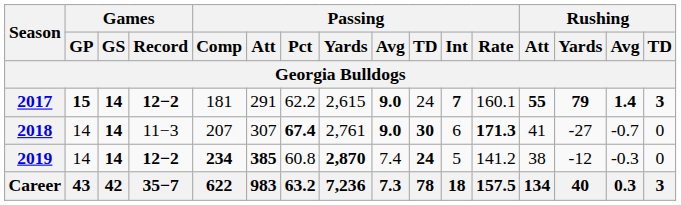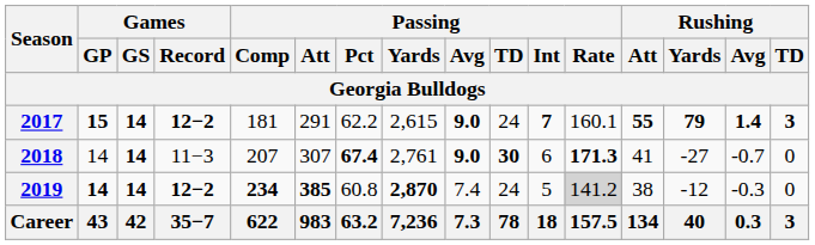 <table class="wikitable" style="text-align:center;">
 <tr>
 <th rowspan="2">Season</th>
 <th colspan="3">Games</th>
 <th colspan="8">Passing</th>
 <th colspan="5">Rushing</th>
 </tr>
 <tr>
 <th>GP</th>
 <th>GS</th>
 <th>Record</th>
 <th>Comp</th>
 <th>Att</th>
 <th>Pct</th>
 <th>Yards</th>
 <th>Avg</th>
 <th>TD</th>
 <th>Int</th>
 <th>Rate</th>
 <th>Att</th>
 <th>Yards</th>
 <th>Avg</th>
 <th>TD</th>
 </tr>
 <tr>
 <th colspan="16">Georgia Bulldogs</th>
 </tr>
 <tr>
 <th><a href='#'>2017</a></th>
 <td><strong>15</strong></td>
 <td><strong>14</strong></td>
 <td><strong>12−2</strong></td>
 <td>181</td>
 <td>291</td>
 <td>62.2</td>
 <td>2,615</td>
 <td><strong>9.0</strong></td>
 <td>24</td>
 <td><strong>7</strong></td>
 <td>160.1</td>
 <td><strong>55</strong></td>
 <td><strong>79</strong></td>
 <td><strong>1.4</strong></td>
 <td><strong>3</strong></td>
 </tr>
 <tr>
 <th><a href='#'>2018</a></th>
 <td>14</td>
 <td><strong>14</strong></td>
 <td>11−3</td>
 <td>207</td>
 <td>307</td>
 <td><strong>67.4</strong></td>
 <td>2,761</td>
 <td><strong>9.0</strong></td>
 <td><strong>30</strong></td>
 <td>6</td>
 <td><strong>171.3</strong></td>
 <td>41</td>
 <td>-27</td>
 <td>-0.7</td>
 <td>0</td>
 </tr>
 <tr>
 <th><a href='#'>2019</a></th>
-<td>14</td>
+<td><strong>14</strong></td>
 <td><strong>14</strong></td>
 <td><strong>12−2</strong></td>
 <td><strong>234</strong></td>
 <td><strong>385</strong></td>
 <td>60.8</td>
 <td><strong>2,870</strong></td>
 <td>7.4</td>
-<td><strong>24</strong></td>
+<td>24</td>
 <td>5</td>
-<td>141.2</td>
+<td style="background: lightgrey;">141.2</td>
 <td>38</td>
 <td>-12</td>
 <td>-0.3</td>
 <td>0</td>
 </tr>
 <tr>
 <th>Career</th>
 <th>43</th>
 <th>42</th>
 <th>35−7</th>
 <th>622</th>
 <th>983</th>
 <th>63.2</th>
 <th>7,236</th>
 <th>7.3</th>
 <th>78</th>
 <th>18</th>
 <th>157.5</th>
 <th>134</th>
 <th>40</th>
 <th>0.3</th>
 <th>3</th>
 </tr>
 </table>
